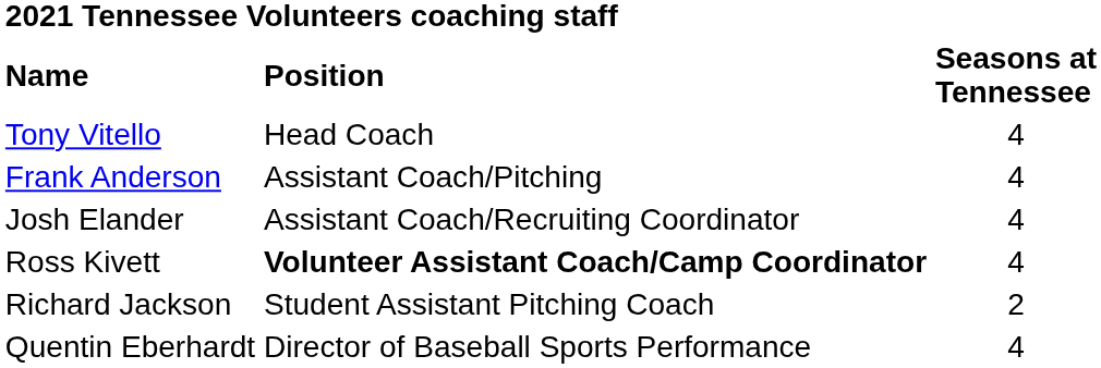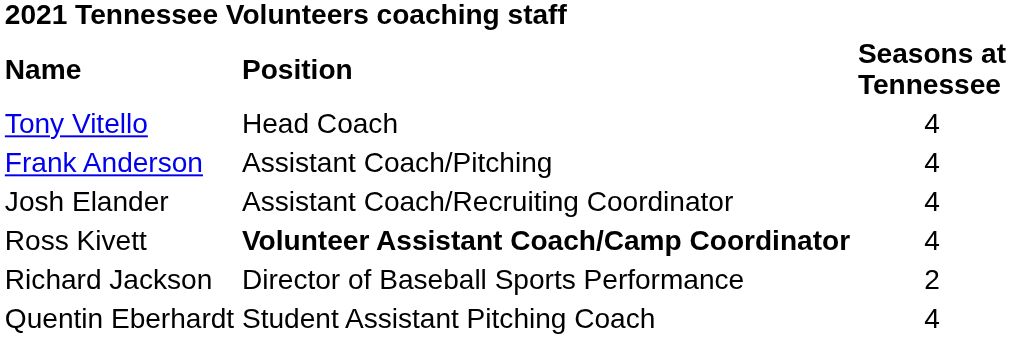 <table class="toccolours" style="text-align: left; font-size:90%;">
 <tr>
 <th colspan="9">2021 Tennessee Volunteers coaching staff</th>
 </tr>
 <tr>
 <th>Name</th>
 <th>Position</th>
 <th>Seasons at<br>Tennessee</th>
 </tr>
 <tr>
 <td><a href='#'>Tony Vitello</a></td>
 <td>Head Coach</td>
 <td align=center>4</td>
 </tr>
 <tr>
 <td><a href='#'>Frank Anderson</a></td>
 <td>Assistant Coach/Pitching</td>
 <td align=center>4</td>
 </tr>
 <tr>
 <td>Josh Elander</td>
 <td>Assistant Coach/Recruiting Coordinator</td>
 <td align=center>4</td>
 </tr>
 <tr>
 <td>Ross Kivett</td>
 <td><strong>Volunteer Assistant Coach/Camp Coordinator</strong></td>
 <td align=center>4</td>
 </tr>
 <tr>
 <td>Richard Jackson</td>
-<td>Student Assistant Pitching Coach</td>
+<td>Director of Baseball Sports Performance</td>
 <td align=center>2</td>
 </tr>
 <tr>
 <td>Quentin Eberhardt</td>
-<td>Director of Baseball Sports Performance</td>
+<td>Student Assistant Pitching Coach</td>
 <td align=center>4</td>
 </tr>
 </table>
